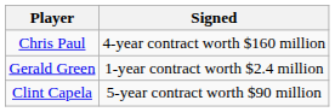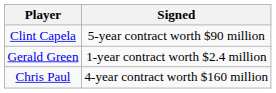 <table class="wikitable sortable sortable" style="text-align: center">
 <tr>
 <th>Player</th>
 <th>Signed</th>
 </tr>
 <tr style="text-align: center">
-<td><a href='#'>Chris Paul</a></td>
-<td>4-year contract worth $160 million</td>
+<td><a href='#'>Clint Capela</a></td>
+<td>5-year contract worth $90 million</td>
 </tr>
 <tr style="text-align: center">
 <td><a href='#'>Gerald Green</a></td>
 <td>1-year contract worth $2.4 million</td>
 </tr>
 <tr style="text-align: center">
-<td><a href='#'>Clint Capela</a></td>
-<td>5-year contract worth $90 million</td>
+<td><a href='#'>Chris Paul</a></td>
+<td>4-year contract worth $160 million</td>
 </tr>
 </table>
